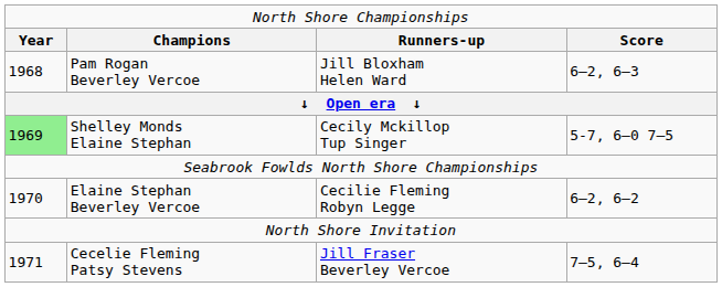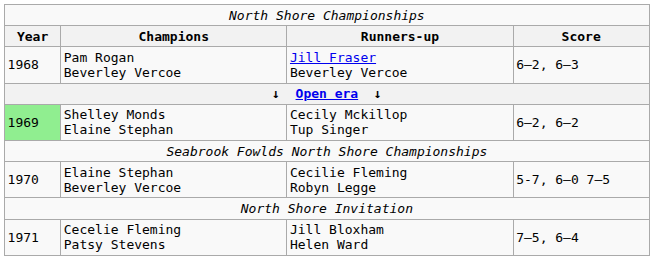 <table class="wikitable">
 <tr>
 <td colspan=4 align=center><em>North Shore Championships</em></td>
 </tr>
 <tr>
 <th style="width:50px">Year</th>
 <th style="width:220px">Champions</th>
 <th style="width:220px">Runners-up</th>
 <th style="width:130px" class="unsortable">Score</th>
 </tr>
 <tr>
 <td>1968</td>
 <td> Pam Rogan <br> Beverley Vercoe</td>
-<td> Jill Bloxham<br> Helen Ward</td>
+<td> <a href='#'>Jill Fraser</a><br> Beverley Vercoe</td>
 <td>6–2, 6–3</td>
 </tr>
 <tr>
 <th colspan=4 align=center>↓  <a href='#'>Open era</a>  ↓</th>
 </tr>
 <tr>
 <td style="background: lightgreen;">1969</td>
 <td> Shelley Monds <br> Elaine Stephan</td>
 <td> Cecily Mckillop <br> Tup Singer</td>
-<td>5-7, 6–0 7–5</td>
+<td>6–2, 6–2</td>
 </tr>
 <tr>
 <td colspan=4 align=center><em>Seabrook Fowlds North Shore Championships</em></td>
 </tr>
 <tr>
 <td>1970</td>
 <td> Elaine Stephan<br> Beverley Vercoe</td>
 <td> Cecilie Fleming<br> Robyn Legge</td>
-<td>6–2, 6–2</td>
+<td>5-7, 6–0 7–5</td>
 </tr>
 <tr>
 <td colspan=4 align=center><em>North Shore Invitation</em></td>
 </tr>
 <tr>
 <td>1971</td>
 <td>  Cecelie Fleming<br> Patsy Stevens</td>
-<td> <a href='#'>Jill Fraser</a><br> Beverley Vercoe</td>
+<td> Jill Bloxham<br> Helen Ward</td>
 <td>7–5, 6–4</td>
 </tr>
 <tr>
 </tr>
 </table>
